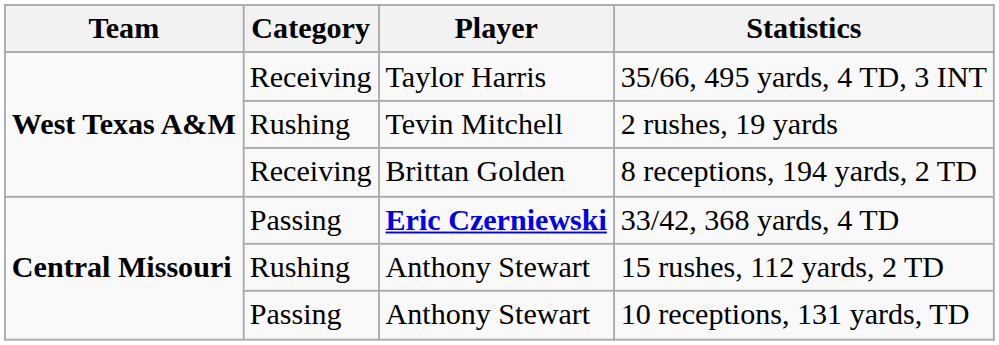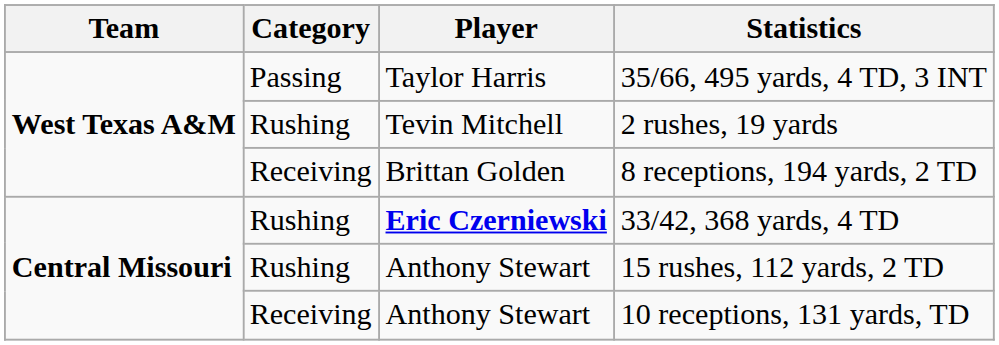 <table class="wikitable" style="float: left;">
 <tr>
 <th>Team</th>
 <th>Category</th>
 <th>Player</th>
 <th>Statistics</th>
 </tr>
 <tr>
 <td rowspan=3><strong>West Texas A&M</strong></td>
-<td>Receiving</td>
+<td>Passing</td>
 <td>Taylor Harris</td>
 <td>35/66, 495 yards, 4 TD, 3 INT</td>
 </tr>
 <tr>
 <td>Rushing</td>
 <td>Tevin Mitchell</td>
 <td>2 rushes, 19 yards</td>
 </tr>
 <tr>
 <td>Receiving</td>
 <td>Brittan Golden</td>
 <td>8 receptions, 194 yards, 2 TD</td>
 </tr>
 <tr>
 <td rowspan=3><strong>Central Missouri</strong></td>
-<td>Passing</td>
+<td>Rushing</td>
 <td><strong><a href='#'>Eric Czerniewski</a></strong></td>
 <td>33/42, 368 yards, 4 TD</td>
 </tr>
 <tr>
 <td>Rushing</td>
 <td>Anthony Stewart</td>
 <td>15 rushes, 112 yards, 2 TD</td>
 </tr>
 <tr>
-<td>Passing</td>
+<td>Receiving</td>
 <td>Anthony Stewart</td>
 <td>10 receptions, 131 yards, TD</td>
 </tr>
 </table>
